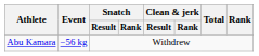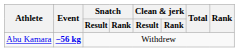 <table class="wikitable" style="font-size:90%">
 <tr>
 <th rowspan="2">Athlete</th>
 <th rowspan="2">Event</th>
 <th colspan="2">Snatch</th>
 <th colspan="2">Clean & jerk</th>
 <th rowspan="2">Total</th>
 <th rowspan="2">Rank</th>
 </tr>
 <tr style="font-size:95%">
 <th>Result</th>
 <th>Rank</th>
 <th>Result</th>
 <th>Rank</th>
 </tr>
 <tr align=center>
 <td align=left><a href='#'>Abu Kamara</a></td>
-<td align=left><a href='#'>−56 kg</a></td>
+<td align=left><strong><a href='#'>−56 kg</a></strong></td>
 <td colspan=6>Withdrew</td>
 </tr>
 </table>
